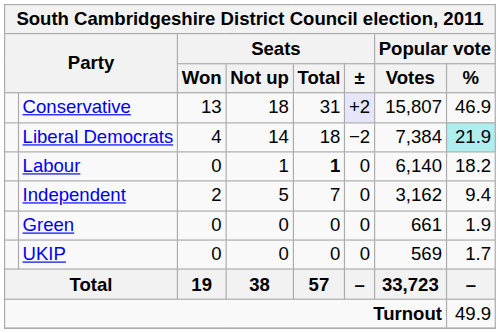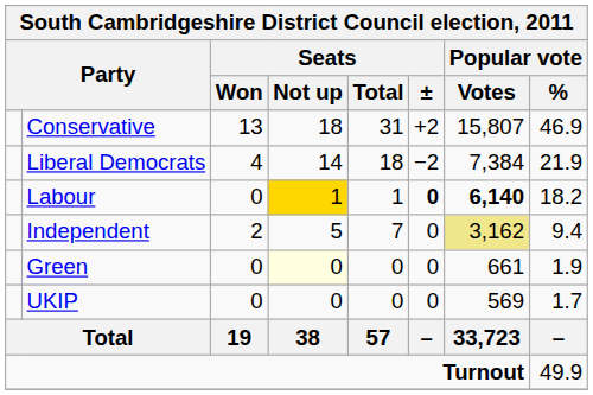 <table class="wikitable">
 <tr>
 <th colspan="8"><strong>South Cambridgeshire District Council election, 2011</strong></th>
 </tr>
 <tr>
 <th rowspan="2" colspan="2">Party</th>
 <th colspan="4">Seats</th>
 <th colspan="2">Popular vote</th>
 </tr>
 <tr>
 <th>Won</th>
 <th>Not up</th>
 <th>Total</th>
 <th>±</th>
 <th>Votes</th>
 <th>%</th>
 </tr>
 <tr>
 <td style="background-color: "> </td>
 <td><a href='#'>Conservative</a></td>
 <td align=right>13</td>
 <td align=right>18</td>
 <td align=right>31</td>
-<td align=right style="background: lavender;">+2</td>
+<td align=right>+2</td>
 <td align=right>15,807</td>
 <td align=right>46.9</td>
 </tr>
 <tr>
 <td style="background-color: "> </td>
 <td><a href='#'>Liberal Democrats</a></td>
 <td align=right>4</td>
 <td align=right>14</td>
 <td align=right>18</td>
 <td align=right>−2</td>
 <td align=right>7,384</td>
-<td align=right style="background: paleturquoise;">21.9</td>
+<td align=right>21.9</td>
 </tr>
 <tr>
 <td style="background-color: "> </td>
 <td><a href='#'>Labour</a></td>
 <td align=right>0</td>
+<td align=right style="background: gold;">1</td>
 <td align=right>1</td>
-<td align=right><strong>1</strong></td>
-<td align=right>0</td>
-<td align=right>6,140</td>
+<td align=right><strong>0</strong></td>
+<td align=right><strong>6,140</strong></td>
 <td align=right>18.2</td>
 </tr>
 <tr>
 <td style="background-color: "> </td>
 <td><a href='#'>Independent</a></td>
 <td align=right>2</td>
 <td align=right>5</td>
 <td align=right>7</td>
 <td align=right>0</td>
-<td align=right>3,162</td>
+<td align=right style="background: khaki;">3,162</td>
 <td align=right>9.4</td>
 </tr>
 <tr>
 <td style="background-color: "> </td>
 <td><a href='#'>Green</a></td>
 <td align=right>0</td>
-<td align=right>0</td>
+<td align=right style="background: lightyellow;">0</td>
 <td align=right>0</td>
 <td align=right>0</td>
 <td align=right>661</td>
 <td align=right>1.9</td>
 </tr>
 <tr>
 <td style="background-color: "> </td>
 <td><a href='#'>UKIP</a></td>
 <td align=right>0</td>
 <td align=right>0</td>
 <td align=right>0</td>
 <td align=right>0</td>
 <td align=right>569</td>
 <td align=right>1.7</td>
 </tr>
 <tr>
 <th colspan="2">Total</th>
 <th align=right>19</th>
 <th align=right>38</th>
 <th align=right>57</th>
 <th align=right>–</th>
 <th align=right>33,723</th>
 <th align=right>–</th>
 </tr>
 <tr>
 <td colspan="7" align=right><strong>Turnout</strong></td>
 <td align=right>49.9</td>
 </tr>
 <tr>
 </tr>
 </table>
